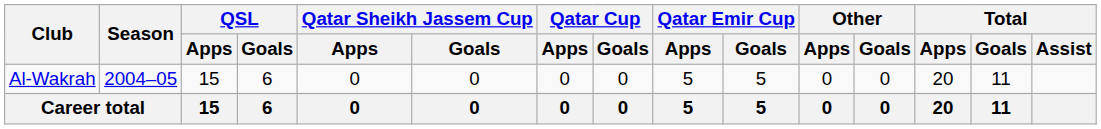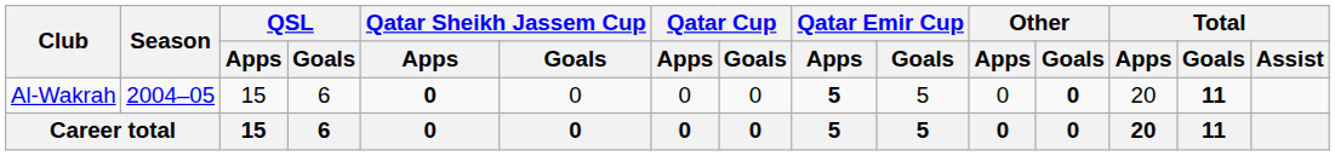 <table class="wikitable" style="text-align: center">
 <tr>
 <th rowspan="2">Club</th>
 <th rowspan="2">Season</th>
 <th colspan="2"><a href='#'>QSL</a></th>
 <th colspan="2"><a href='#'>Qatar Sheikh Jassem Cup</a></th>
 <th colspan="2"><a href='#'>Qatar Cup</a></th>
 <th colspan="2"><a href='#'>Qatar Emir Cup</a></th>
 <th colspan="2">Other</th>
 <th colspan="3">Total</th>
 </tr>
 <tr>
 <th>Apps</th>
 <th>Goals</th>
 <th>Apps</th>
 <th>Goals</th>
 <th>Apps</th>
 <th>Goals</th>
 <th>Apps</th>
 <th>Goals</th>
 <th>Apps</th>
 <th>Goals</th>
 <th>Apps</th>
 <th>Goals</th>
 <th>Assist</th>
 </tr>
 <tr>
 <td rowspan="1"><a href='#'>Al-Wakrah</a></td>
 <td><a href='#'>2004–05</a></td>
 <td>15</td>
 <td>6</td>
+<td><strong>0</strong></td>
 <td>0</td>
 <td>0</td>
 <td>0</td>
-<td>0</td>
-<td>5</td>
+<td><strong>5</strong></td>
 <td>5</td>
 <td>0</td>
-<td>0</td>
+<td><strong>0</strong></td>
 <td>20</td>
-<td>11</td>
+<td><strong>11</strong></td>
 </tr>
 <tr>
 <th colspan="2">Career total</th>
 <th>15</th>
 <th>6</th>
 <th>0</th>
 <th>0</th>
 <th>0</th>
 <th>0</th>
 <th>5</th>
 <th>5</th>
 <th>0</th>
 <th>0</th>
 <th>20</th>
 <th>11</th>
 <th></th>
 </tr>
 </table>
